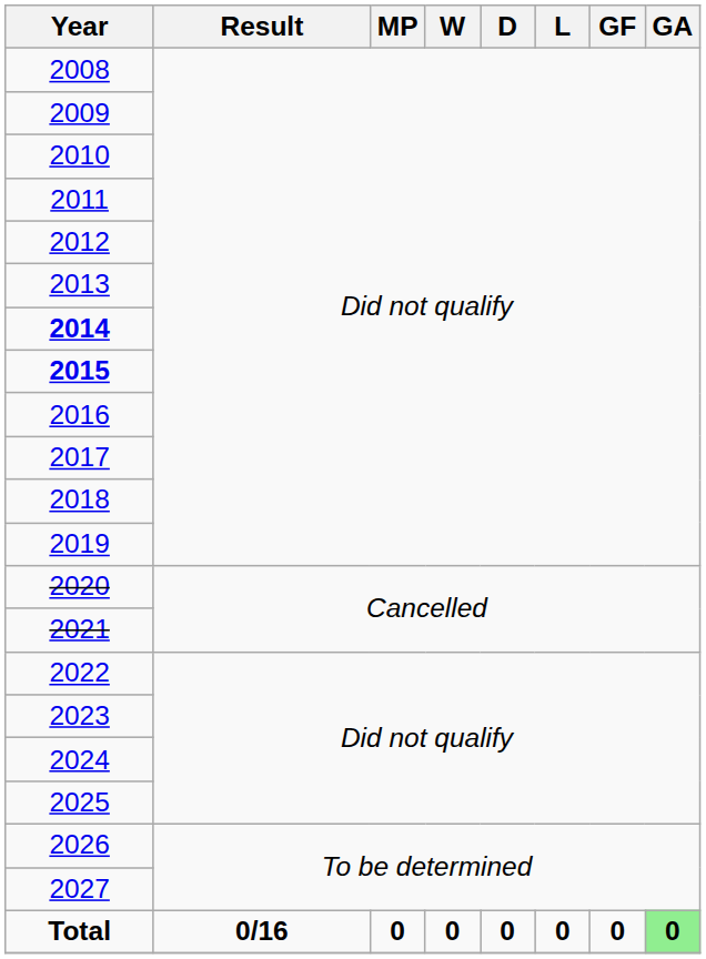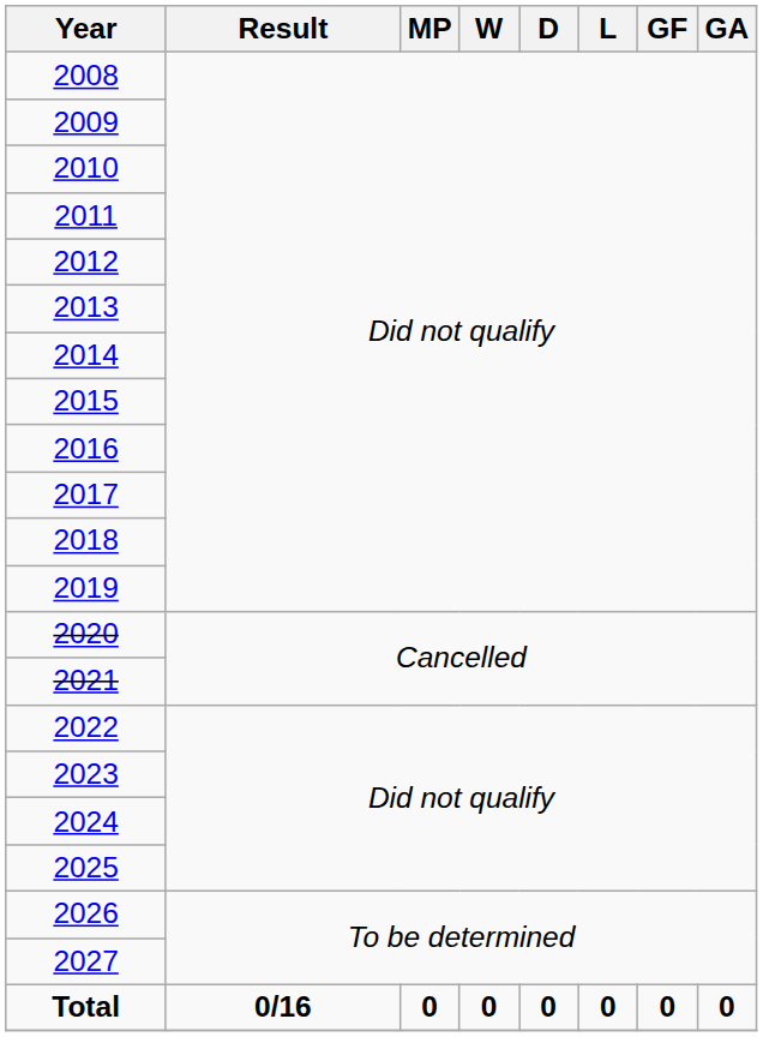 <table class="wikitable" style="text-align: center;">
 <tr>
 <th width=80>Year</th>
 <th width=120>Result</th>
 <th width=25>MP</th>
 <th width=25>W</th>
 <th width=25>D</th>
 <th width=25>L</th>
 <th width=25>GF</th>
 <th width=25>GA</th>
 </tr>
 <tr>
 <td> <a href='#'>2008</a></td>
 <td colspan=7 rowspan=12><em>Did not qualify</em></td>
 </tr>
 <tr>
 <td> <a href='#'>2009</a></td>
 </tr>
 <tr>
 <td> <a href='#'>2010</a></td>
 </tr>
 <tr>
 <td> <a href='#'>2011</a></td>
 </tr>
 <tr>
 <td> <a href='#'>2012</a></td>
 </tr>
 <tr>
 <td> <a href='#'>2013</a></td>
 </tr>
 <tr>
-<td><strong> <a href='#'>2014</a></strong></td>
+<td> <a href='#'>2014</a></td>
 </tr>
 <tr>
-<td><strong> <a href='#'>2015</a></strong></td>
+<td> <a href='#'>2015</a></td>
 </tr>
 <tr>
 <td> <a href='#'>2016</a></td>
 </tr>
 <tr>
 <td> <a href='#'>2017</a></td>
 </tr>
 <tr>
 <td> <a href='#'>2018</a></td>
 </tr>
 <tr>
 <td> <a href='#'>2019</a></td>
 </tr>
 <tr>
 <td> <s><a href='#'>2020</a></s></td>
 <td colspan=7 rowspan=2><em>Cancelled</em></td>
 </tr>
 <tr>
 <td> <s><a href='#'>2021</a></s></td>
 </tr>
 <tr>
 <td> <a href='#'>2022</a></td>
 <td colspan=7 rowspan=4><em>Did not qualify</em></td>
 </tr>
 <tr>
 <td> <a href='#'>2023</a></td>
 </tr>
 <tr>
 <td> <a href='#'>2024</a></td>
 </tr>
 <tr>
 <td> <a href='#'>2025</a></td>
 </tr>
 <tr>
 <td> <a href='#'>2026</a></td>
 <td colspan=8 rowspan=2><em>To be determined</em></td>
 </tr>
 <tr>
 <td> <a href='#'>2027</a></td>
 </tr>
 <tr>
 <td><strong>Total</strong></td>
 <td><strong>0/16</strong></td>
 <td><strong>0</strong></td>
 <td><strong>0</strong></td>
 <td><strong>0</strong></td>
 <td><strong>0</strong></td>
 <td><strong>0</strong></td>
-<td style="background: lightgreen;"><strong>0</strong></td>
+<td><strong>0</strong></td>
 </tr>
 <tr>
 </tr>
 </table>
